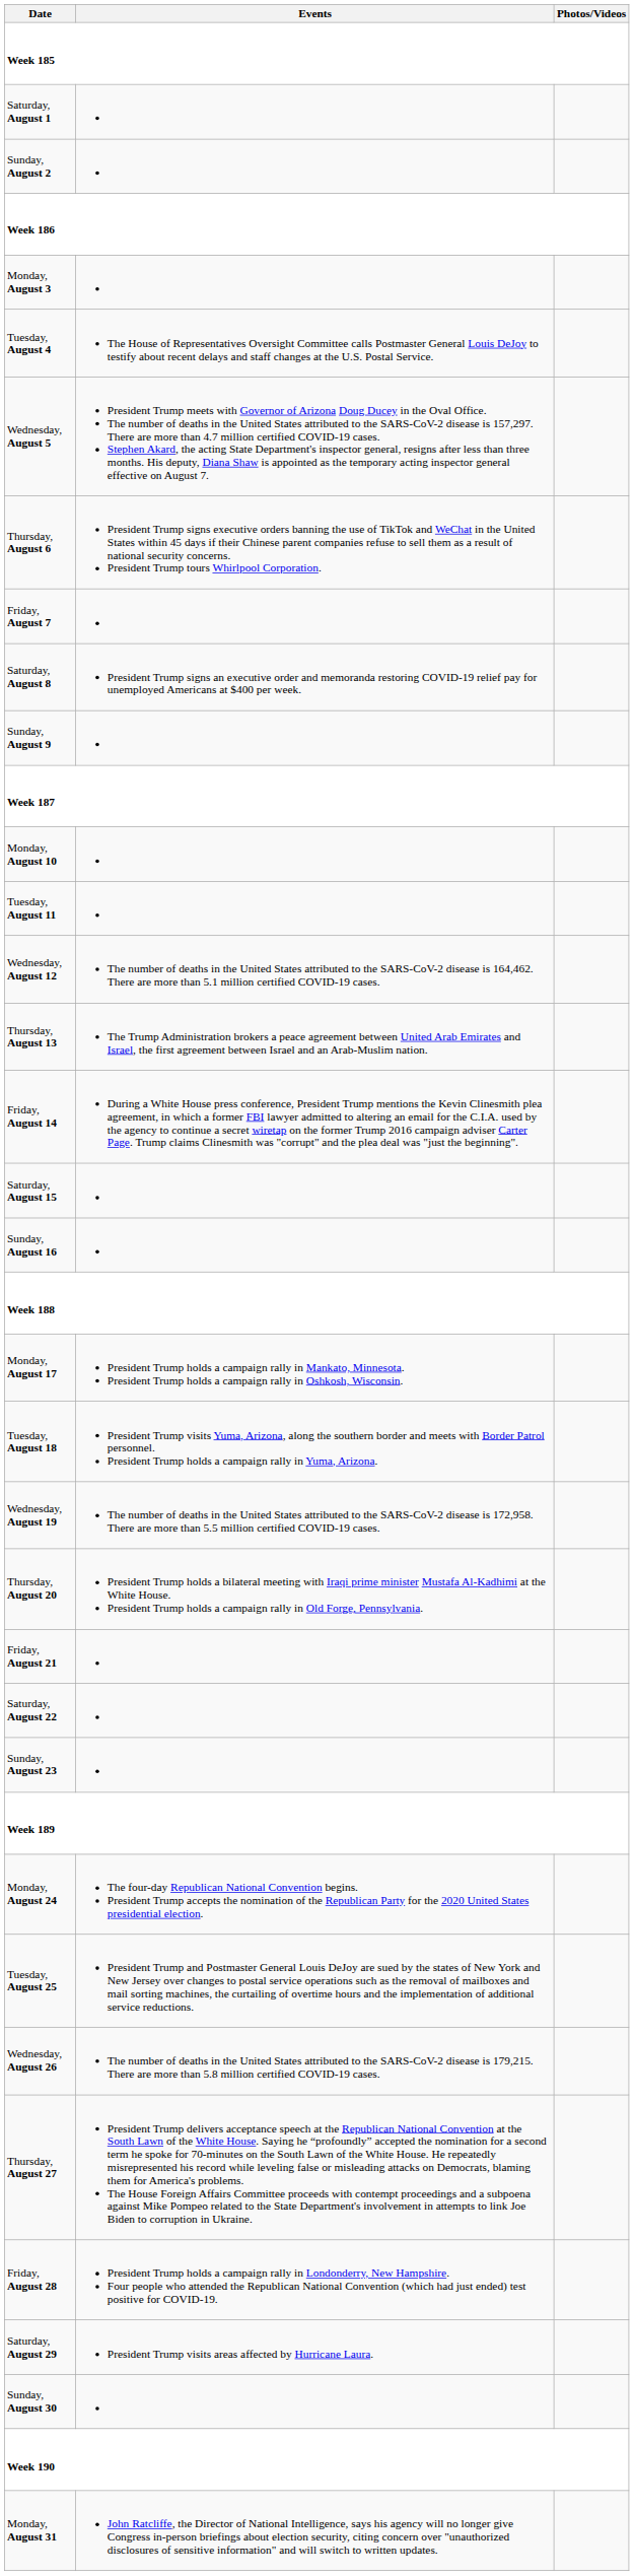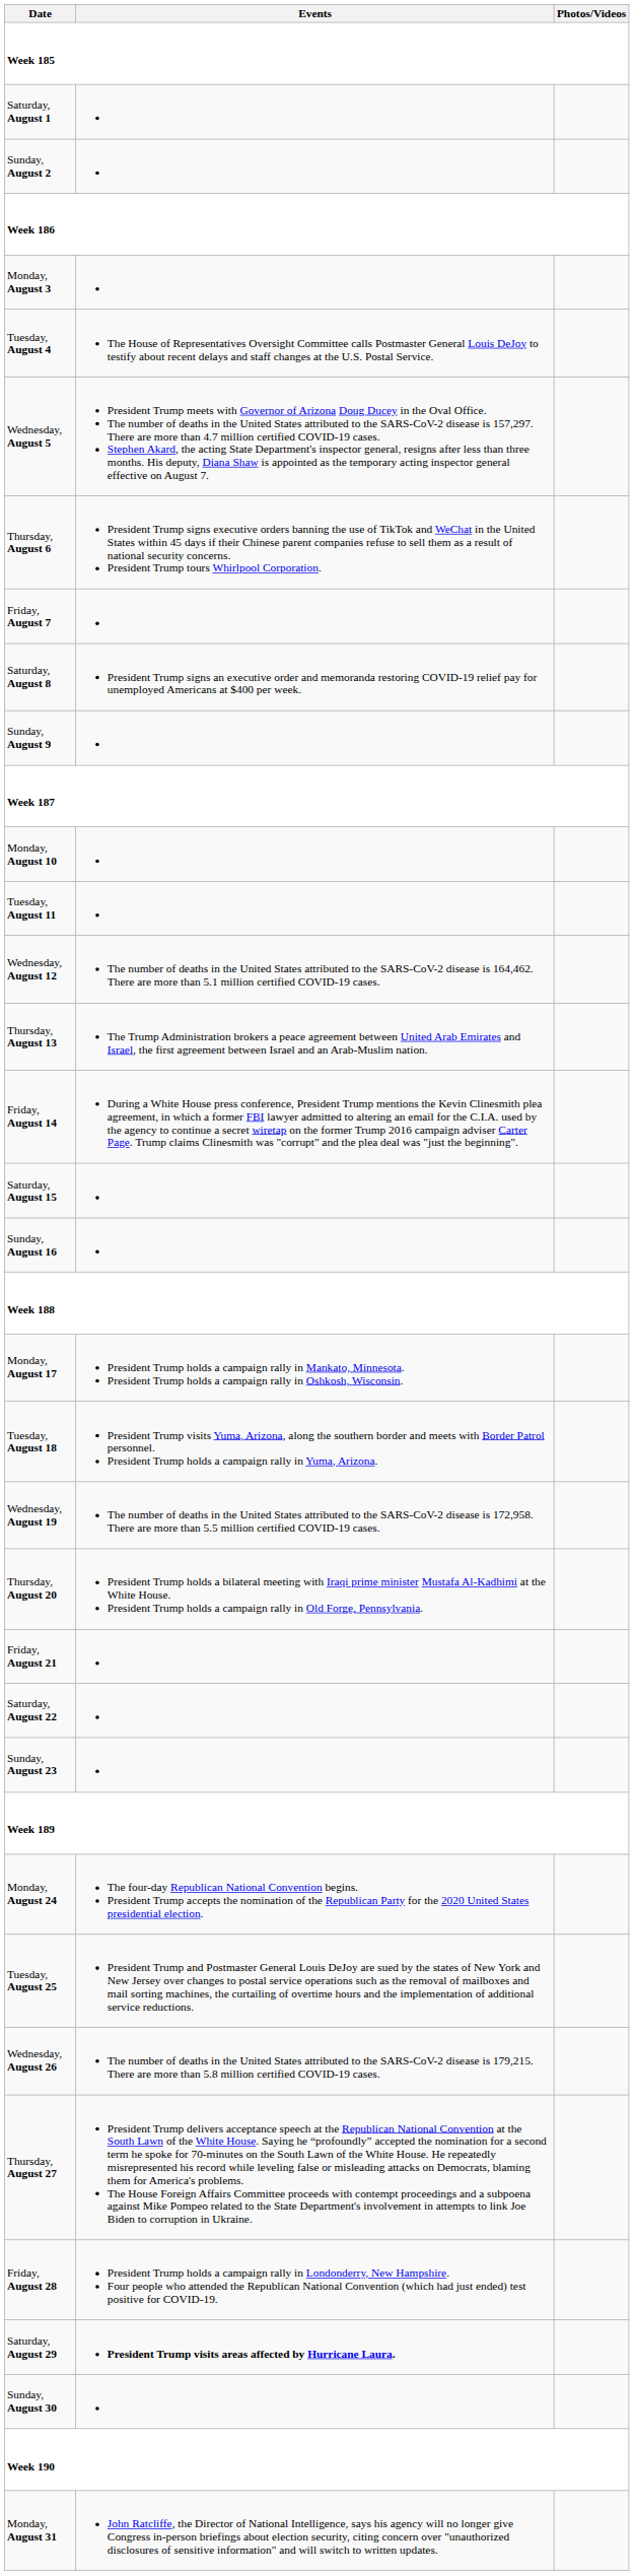 <table class="wikitable">
 <tr>
 <th>Date</th>
 <th>Events</th>
 <th>Photos/Videos</th>
 </tr>
 <tr style="background:white;">
 <td colspan="3"><br><h4>Week 185</h4></td>
 </tr>
 <tr>
 <td>Saturday, <strong>August 1</strong></td>
 <td><br><ul><li></li></ul></td>
 <td></td>
 </tr>
 <tr>
 <td>Sunday, <strong>August 2</strong></td>
 <td><br><ul><li></li></ul></td>
 <td></td>
 </tr>
 <tr style="background:white;">
 <td colspan="3"><br><h4>Week 186</h4></td>
 </tr>
 <tr>
 <td>Monday, <strong>August 3</strong></td>
 <td><br><ul><li></li></ul></td>
 <td></td>
 </tr>
 <tr>
 <td>Tuesday, <strong>August 4</strong></td>
 <td><br><ul><li>The House of Representatives Oversight Committee calls Postmaster General <a href='#'>Louis DeJoy</a> to testify about recent delays and staff changes at the U.S. Postal Service. </li></ul></td>
 <td></td>
 </tr>
 <tr>
 <td>Wednesday, <strong>August 5</strong></td>
 <td><br><ul><li>President Trump meets with <a href='#'>Governor of Arizona</a> <a href='#'>Doug Ducey</a> in the Oval Office.</li><li>The number of deaths in the United States attributed to the SARS-CoV-2 disease is 157,297. There are more than 4.7 million certified COVID-19 cases.</li><li><a href='#'>Stephen Akard</a>, the acting State Department's inspector general, resigns after less than three months. His deputy, <a href='#'>Diana Shaw</a> is appointed as the temporary acting inspector general effective on August 7.</li></ul></td>
 <td></td>
 </tr>
 <tr>
 <td>Thursday, <strong>August 6</strong></td>
 <td><br><ul><li>President Trump signs executive orders banning the use of TikTok and <a href='#'>WeChat</a> in the United States within 45 days if their Chinese parent companies refuse to sell them as a result of national security concerns.</li><li>President Trump tours <a href='#'>Whirlpool Corporation</a>.</li></ul></td>
 <td></td>
 </tr>
 <tr>
 <td>Friday, <strong>August 7</strong></td>
 <td><br><ul><li></li></ul></td>
 <td></td>
 </tr>
 <tr>
 <td>Saturday, <strong>August 8</strong></td>
 <td><br><ul><li>President Trump signs an executive order and memoranda restoring COVID-19 relief pay for unemployed Americans at $400 per week.</li></ul></td>
 <td></td>
 </tr>
 <tr>
 <td>Sunday, <strong>August 9</strong></td>
 <td><br><ul><li></li></ul></td>
 <td></td>
 </tr>
 <tr style="background:white;">
 <td colspan="3"><br><h4>Week 187</h4></td>
 </tr>
 <tr>
 <td>Monday, <strong>August 10</strong></td>
 <td><br><ul><li></li></ul></td>
 <td></td>
 </tr>
 <tr>
 <td>Tuesday, <strong>August 11</strong></td>
 <td><br><ul><li></li></ul></td>
 <td></td>
 </tr>
 <tr>
 <td>Wednesday, <strong>August 12</strong></td>
 <td><br><ul><li>The number of deaths in the United States attributed to the SARS-CoV-2 disease is 164,462. There are more than 5.1 million certified COVID-19 cases.</li></ul></td>
 <td></td>
 </tr>
 <tr>
 <td>Thursday, <strong>August 13</strong></td>
 <td><br><ul><li>The Trump Administration brokers a peace agreement between <a href='#'>United Arab Emirates</a> and <a href='#'>Israel</a>, the first agreement between Israel and an Arab-Muslim nation.</li></ul></td>
 <td></td>
 </tr>
 <tr>
 <td>Friday, <strong>August 14</strong></td>
 <td><br><ul><li>During a White House press conference, President Trump mentions the Kevin Clinesmith plea agreement, in which a former <a href='#'>FBI</a> lawyer admitted to altering an email for the C.I.A. used by the agency to continue a secret <a href='#'>wiretap</a> on the former Trump 2016 campaign adviser <a href='#'>Carter Page</a>. Trump claims Clinesmith was "corrupt" and the plea deal was "just the beginning".</li></ul></td>
 <td></td>
 </tr>
 <tr>
 <td>Saturday, <strong>August 15</strong></td>
 <td><br><ul><li></li></ul></td>
 <td></td>
 </tr>
 <tr>
 <td>Sunday, <strong>August 16</strong></td>
 <td><br><ul><li></li></ul></td>
 <td></td>
 </tr>
 <tr style="background:white;">
 <td colspan="3"><br><h4>Week 188</h4></td>
 </tr>
 <tr>
 <td>Monday, <strong>August 17</strong></td>
 <td><br><ul><li>President Trump holds a campaign rally in <a href='#'>Mankato, Minnesota</a>.</li><li>President Trump holds a campaign rally in <a href='#'>Oshkosh, Wisconsin</a>.</li></ul></td>
 <td></td>
 </tr>
 <tr>
 <td>Tuesday, <strong>August 18</strong></td>
 <td><br><ul><li>President Trump visits <a href='#'>Yuma, Arizona</a>, along the southern border and meets with <a href='#'>Border Patrol</a> personnel.</li><li>President Trump holds a campaign rally in <a href='#'>Yuma, Arizona</a>.</li></ul></td>
 <td></td>
 </tr>
 <tr>
 <td>Wednesday, <strong>August 19</strong></td>
 <td><br><ul><li>The number of deaths in the United States attributed to the SARS-CoV-2 disease is 172,958. There are more than 5.5 million certified COVID-19 cases.</li></ul></td>
 <td></td>
 </tr>
 <tr>
 <td>Thursday, <strong>August 20</strong></td>
 <td><br><ul><li>President Trump holds a bilateral meeting with <a href='#'>Iraqi prime minister</a> <a href='#'>Mustafa Al-Kadhimi</a> at the White House.</li><li>President Trump holds a campaign rally in <a href='#'>Old Forge, Pennsylvania</a>.</li></ul></td>
 <td></td>
 </tr>
 <tr>
 <td>Friday, <strong>August 21</strong></td>
 <td><br><ul><li></li></ul></td>
 <td></td>
 </tr>
 <tr>
 <td>Saturday, <strong>August 22</strong></td>
 <td><br><ul><li></li></ul></td>
 <td></td>
 </tr>
 <tr>
 <td>Sunday, <strong>August 23</strong></td>
 <td><br><ul><li></li></ul></td>
 <td></td>
 </tr>
 <tr style="background:white;">
 <td colspan="3"><br><h4>Week 189</h4></td>
 </tr>
 <tr>
 <td>Monday, <strong>August 24</strong></td>
 <td><br><ul><li>The four-day <a href='#'>Republican National Convention</a> begins.</li><li>President Trump accepts the nomination of the <a href='#'>Republican Party</a> for the <a href='#'>2020 United States presidential election</a>.</li></ul></td>
 <td></td>
 </tr>
 <tr>
 <td>Tuesday, <strong>August 25</strong></td>
 <td><br><ul><li>President Trump and Postmaster General Louis DeJoy are sued by the states of New York and New Jersey over changes to postal service operations such as the removal of mailboxes and mail sorting machines, the curtailing of overtime hours and the implementation of additional service reductions.</li></ul></td>
 <td></td>
 </tr>
 <tr>
 <td>Wednesday, <strong>August 26</strong></td>
 <td><br><ul><li>The number of deaths in the United States attributed to the SARS-CoV-2 disease is 179,215. There are more than 5.8 million certified COVID-19 cases.</li></ul></td>
 <td></td>
 </tr>
 <tr>
 <td>Thursday, <strong>August 27</strong></td>
 <td><br><ul><li>President Trump delivers acceptance speech at the <a href='#'>Republican National Convention</a> at the <a href='#'>South Lawn</a> of the <a href='#'>White House</a>. Saying he “profoundly” accepted the nomination for a second term he spoke for 70-minutes on the South Lawn of the White House. He repeatedly misrepresented his record while leveling false or misleading attacks on Democrats, blaming them for America's problems.</li><li>The House Foreign Affairs Committee proceeds with contempt proceedings and a subpoena against Mike Pompeo related to the State Department's involvement in attempts to link Joe Biden to corruption in Ukraine.</li></ul></td>
 <td></td>
 </tr>
 <tr>
 <td>Friday, <strong>August 28</strong></td>
 <td><br><ul><li>President Trump holds a campaign rally in <a href='#'>Londonderry, New Hampshire</a>.</li><li>Four people who attended the Republican National Convention (which had just ended) test positive for COVID-19.</li></ul></td>
 <td></td>
 </tr>
 <tr>
 <td>Saturday, <strong>August 29</strong></td>
-<td><br><ul><li>President Trump visits areas affected by <a href='#'>Hurricane Laura</a>.</li></ul></td>
+<td><strong><br><ul><li>President Trump visits areas affected by <a href='#'>Hurricane Laura</a>.</li></ul></strong></td>
 <td></td>
 </tr>
 <tr>
 <td>Sunday, <strong>August 30</strong></td>
 <td><br><ul><li></li></ul></td>
 <td></td>
 </tr>
 <tr style="background:white;">
 <td colspan="3"><br><h4>Week 190</h4></td>
 </tr>
 <tr>
 <td>Monday, <strong>August 31</strong></td>
 <td><br><ul><li><a href='#'>John Ratcliffe</a>, the Director of National Intelligence, says his agency will no longer give Congress in-person briefings about election security, citing concern over "unauthorized disclosures of sensitive information" and will switch to written updates.</li></ul></td>
 <td></td>
 </tr>
 </table>
